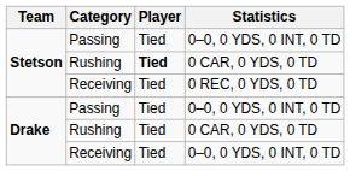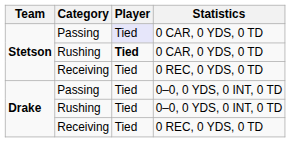 <table class="wikitable" style="float: right;">
 <tr>
 <th>Team</th>
 <th>Category</th>
 <th>Player</th>
 <th>Statistics</th>
 </tr>
 <tr>
 <td rowspan=3><strong>Stetson</strong></td>
 <td>Passing</td>
-<td>Tied</td>
-<td>0–0, 0 YDS, 0 INT, 0 TD</td>
+<td style="background: lavender;">Tied</td>
+<td>0 CAR, 0 YDS, 0 TD</td>
 </tr>
 <tr>
 <td>Rushing</td>
 <td><strong>Tied</strong></td>
 <td>0 CAR, 0 YDS, 0 TD</td>
 </tr>
 <tr>
 <td>Receiving</td>
 <td>Tied</td>
 <td>0 REC, 0 YDS, 0 TD</td>
 </tr>
 <tr>
 <td rowspan=3><strong>Drake</strong></td>
 <td>Passing</td>
 <td>Tied</td>
 <td>0–0, 0 YDS, 0 INT, 0 TD</td>
 </tr>
 <tr>
 <td>Rushing</td>
 <td>Tied</td>
-<td>0 CAR, 0 YDS, 0 TD</td>
+<td>0–0, 0 YDS, 0 INT, 0 TD</td>
 </tr>
 <tr>
 <td>Receiving</td>
 <td>Tied</td>
-<td>0–0, 0 YDS, 0 INT, 0 TD</td>
+<td>0 REC, 0 YDS, 0 TD</td>
 </tr>
 </table>
